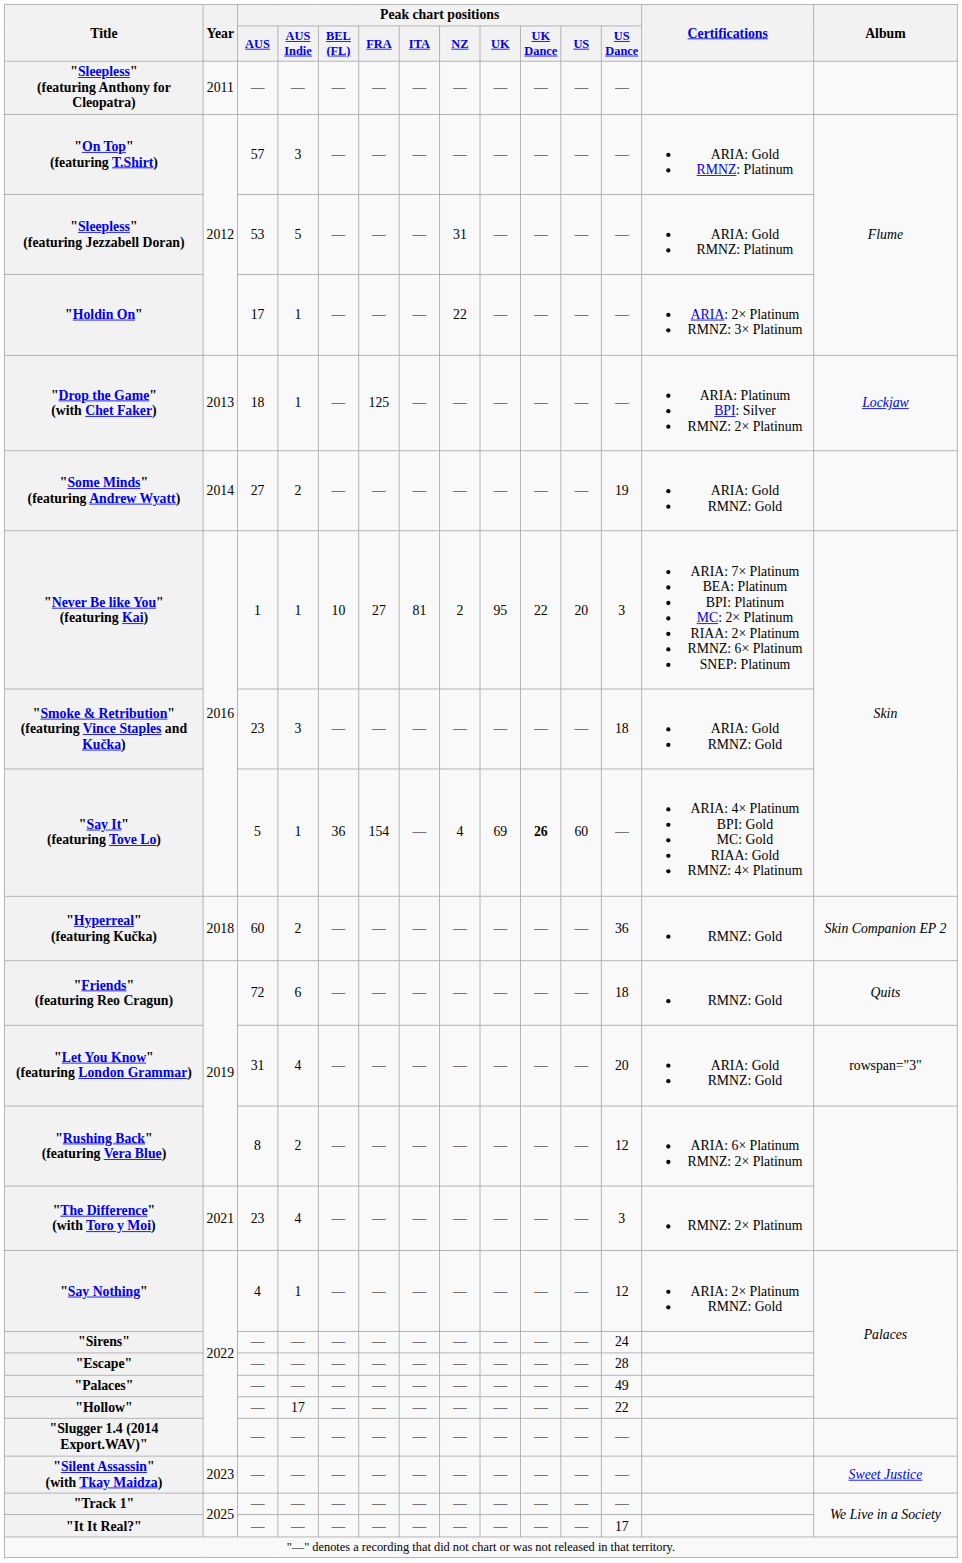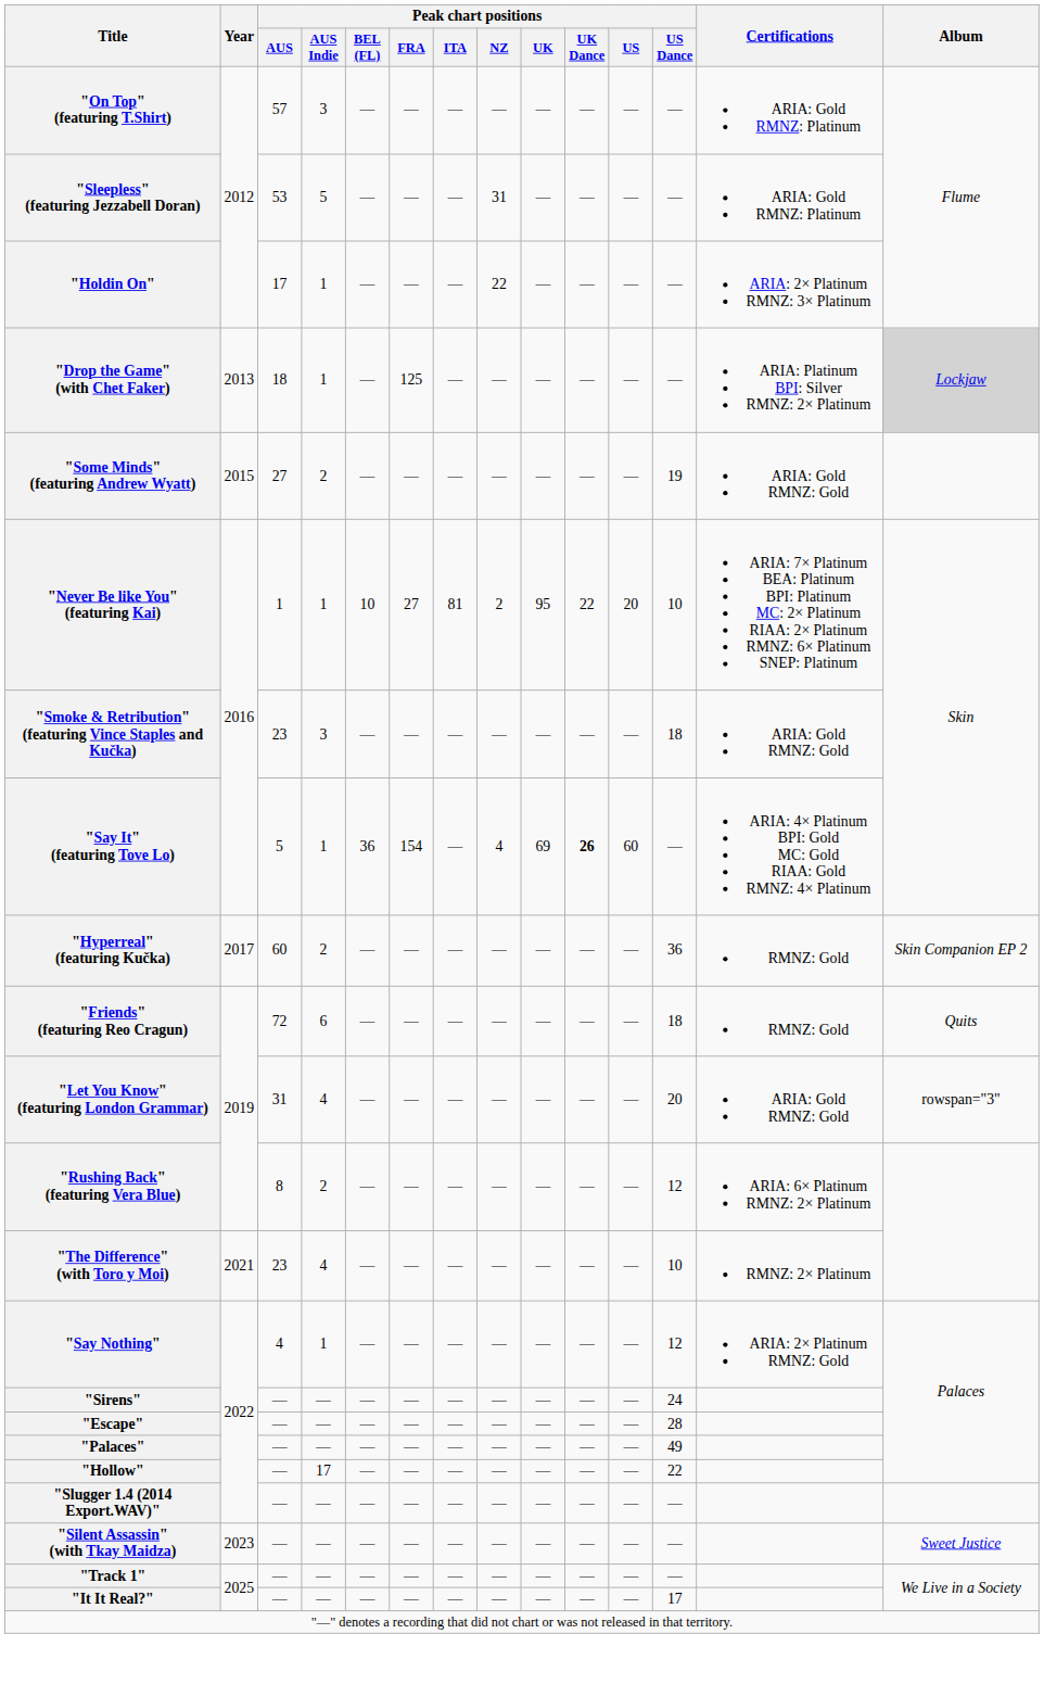 <table class="wikitable plainrowheaders" style="text-align:center;">
 <tr>
 <th scope="col" rowspan="2" style="width:14em;">Title</th>
 <th scope="col" rowspan="2">Year</th>
 <th scope="col" colspan="10">Peak chart positions</th>
 <th scope="col" rowspan="2" style="width:12em;"><a href='#'>Certifications</a></th>
 <th scope="col" rowspan="2" style="width:10em;">Album</th>
 </tr>
 <tr>
 <th scope="col" style="width:2.8em;font-size:90%;"><a href='#'>AUS</a><br></th>
 <th scope="col" style="width:2.8em;font-size:90%;"><a href='#'>AUS<br>Indie</a><br></th>
 <th scope="col" style="width:2.8em;font-size:90%;"><a href='#'>BEL<br>(FL)</a><br></th>
 <th scope="col" style="width:2.8em;font-size:90%;"><a href='#'>FRA</a><br></th>
 <th scope="col" style="width:2.8em;font-size:90%;"><a href='#'>ITA</a><br></th>
 <th scope="col" style="width:2.8em;font-size:90%;"><a href='#'>NZ</a><br></th>
 <th scope="col" style="width:2.8em;font-size:90%;"><a href='#'>UK</a><br></th>
 <th scope="col" style="width:2.8em;font-size:90%;"><a href='#'>UK<br>Dance</a><br></th>
 <th scope="col" style="width:2.8em;font-size:90%;"><a href='#'>US</a><br></th>
 <th scope="col" style="width:2.8em;font-size:90%;"><a href='#'>US<br>Dance</a><br></th>
-</tr>
-<tr>
-<th scope="row">"<a href='#'>Sleepless</a>"<br><span>(featuring Anthony for Cleopatra)</span></th>
-<td>2011</td>
-<td>—</td>
-<td>—</td>
-<td>—</td>
-<td>—</td>
-<td>—</td>
-<td>—</td>
-<td>—</td>
-<td>—</td>
-<td>—</td>
-<td>—</td>
-<td></td>
-<td></td>
 </tr>
 <tr>
 <th scope="row">"<a href='#'>On Top</a>"<br><span>(featuring <a href='#'>T.Shirt</a>)</span></th>
 <td rowspan="3">2012</td>
 <td>57</td>
 <td>3</td>
 <td>—</td>
 <td>—</td>
 <td>—</td>
 <td>—</td>
 <td>—</td>
 <td>—</td>
 <td>—</td>
 <td>—</td>
 <td><br><ul><li>ARIA: Gold</li><li><a href='#'>RMNZ</a>: Platinum</li></ul></td>
 <td rowspan="3"><em>Flume</em></td>
 </tr>
 <tr>
 <th scope="row">"<a href='#'>Sleepless</a>"<br><span>(featuring Jezzabell Doran)</span></th>
 <td>53</td>
 <td>5</td>
 <td>—</td>
 <td>—</td>
 <td>—</td>
 <td>31</td>
 <td>—</td>
 <td>—</td>
 <td>—</td>
 <td>—</td>
 <td><br><ul><li>ARIA: Gold</li><li>RMNZ: Platinum</li></ul></td>
 </tr>
 <tr>
 <th scope="row">"<a href='#'>Holdin On</a>"</th>
 <td>17</td>
 <td>1</td>
 <td>—</td>
 <td>—</td>
 <td>—</td>
 <td>22</td>
 <td>—</td>
 <td>—</td>
 <td>—</td>
 <td>—</td>
 <td><br><ul><li><a href='#'>ARIA</a>: 2× Platinum</li><li>RMNZ: 3× Platinum</li></ul></td>
 </tr>
 <tr>
 <th scope="row">"<a href='#'>Drop the Game</a>"<br><span>(with <a href='#'>Chet Faker</a>)</span></th>
 <td>2013</td>
 <td>18</td>
 <td>1</td>
 <td>—</td>
 <td>125</td>
 <td>—</td>
 <td>—</td>
 <td>—</td>
 <td>—</td>
 <td>—</td>
 <td>—</td>
 <td><br><ul><li>ARIA: Platinum</li><li><a href='#'>BPI</a>: Silver</li><li>RMNZ: 2× Platinum</li></ul></td>
-<td><em><a href='#'>Lockjaw</a></em></td>
+<td style="background: lightgrey;"><em><a href='#'>Lockjaw</a></em></td>
 </tr>
 <tr>
 <th scope="row">"<a href='#'>Some Minds</a>"<br><span>(featuring <a href='#'>Andrew Wyatt</a>)</span></th>
-<td>2014</td>
+<td>2015</td>
 <td>27</td>
 <td>2</td>
 <td>—</td>
 <td>—</td>
 <td>—</td>
 <td>—</td>
 <td>—</td>
 <td>—</td>
 <td>—</td>
 <td>19</td>
 <td><br><ul><li>ARIA: Gold</li><li>RMNZ: Gold</li></ul></td>
 <td></td>
 </tr>
 <tr>
 <th scope="row">"<a href='#'>Never Be like You</a>"<br><span>(featuring <a href='#'>Kai</a>)</span></th>
 <td rowspan="3">2016</td>
 <td>1</td>
 <td>1</td>
 <td>10</td>
 <td>27</td>
 <td>81</td>
 <td>2</td>
 <td>95</td>
 <td>22</td>
 <td>20</td>
-<td>3</td>
+<td>10</td>
 <td><br><ul><li>ARIA: 7× Platinum</li><li>BEA: Platinum</li><li>BPI: Platinum</li><li><a href='#'>MC</a>: 2× Platinum</li><li>RIAA: 2× Platinum</li><li>RMNZ: 6× Platinum</li><li>SNEP: Platinum</li></ul></td>
 <td rowspan="3"><em>Skin</em></td>
 </tr>
 <tr>
 <th scope="row">"<a href='#'>Smoke & Retribution</a>"<br><span>(featuring <a href='#'>Vince Staples</a> and <a href='#'>Kučka</a>)</span></th>
 <td>23</td>
 <td>3</td>
 <td>—</td>
 <td>—</td>
 <td>—</td>
 <td>—</td>
 <td>—</td>
 <td>—</td>
 <td>—</td>
 <td>18</td>
 <td><br><ul><li>ARIA: Gold</li><li>RMNZ: Gold</li></ul></td>
 </tr>
 <tr>
 <th scope="row">"<a href='#'>Say It</a>"<br><span>(featuring <a href='#'>Tove Lo</a>)</span></th>
 <td>5</td>
 <td>1</td>
 <td>36</td>
 <td>154</td>
 <td>—</td>
 <td>4</td>
 <td>69</td>
 <td><strong>26</strong></td>
 <td>60</td>
 <td>—</td>
 <td><br><ul><li>ARIA: 4× Platinum</li><li>BPI: Gold</li><li>MC: Gold</li><li>RIAA: Gold</li><li>RMNZ: 4× Platinum</li></ul></td>
 </tr>
 <tr>
 <th scope="row">"<a href='#'>Hyperreal</a>"<br><span>(featuring Kučka)</span></th>
-<td>2018</td>
+<td>2017</td>
 <td>60</td>
 <td>2</td>
 <td>—</td>
 <td>—</td>
 <td>—</td>
 <td>—</td>
 <td>—</td>
 <td>—</td>
 <td>—</td>
 <td>36</td>
 <td><br><ul><li>RMNZ: Gold</li></ul></td>
 <td><em>Skin Companion EP 2</em></td>
 </tr>
 <tr>
 <th scope="row">"<a href='#'>Friends</a>"<br><span>(featuring Reo Cragun)</span></th>
 <td rowspan="3">2019</td>
 <td>72</td>
 <td>6</td>
 <td>—</td>
 <td>—</td>
 <td>—</td>
 <td>—</td>
 <td>—</td>
 <td>—</td>
 <td>—</td>
 <td>18</td>
 <td><br><ul><li>RMNZ: Gold</li></ul></td>
 <td><em>Quits</em></td>
 </tr>
 <tr>
 <th scope="row">"<a href='#'>Let You Know</a>"<br><span>(featuring <a href='#'>London Grammar</a>)</span></th>
 <td>31</td>
 <td>4</td>
 <td>—</td>
 <td>—</td>
 <td>—</td>
 <td>—</td>
 <td>—</td>
 <td>—</td>
 <td>—</td>
 <td>20</td>
 <td><br><ul><li>ARIA: Gold</li><li>RMNZ: Gold</li></ul></td>
 <td>rowspan="3" </td>
 </tr>
 <tr>
 <th scope="row">"<a href='#'>Rushing Back</a>"<br><span>(featuring <a href='#'>Vera Blue</a>)</span></th>
 <td>8</td>
 <td>2</td>
 <td>—</td>
 <td>—</td>
 <td>—</td>
 <td>—</td>
 <td>—</td>
 <td>—</td>
 <td>—</td>
 <td>12</td>
 <td><br><ul><li>ARIA: 6× Platinum</li><li>RMNZ: 2× Platinum</li></ul></td>
 </tr>
 <tr>
 <th scope="row">"<a href='#'>The Difference</a>"<br><span>(with <a href='#'>Toro y Moi</a>)</span></th>
 <td>2021</td>
 <td>23</td>
 <td>4</td>
 <td>—</td>
 <td>—</td>
 <td>—</td>
 <td>—</td>
 <td>—</td>
 <td>—</td>
 <td>—</td>
-<td>3</td>
+<td>10</td>
 <td><br><ul><li>RMNZ: 2× Platinum</li></ul></td>
 </tr>
 <tr>
 <th scope="row">"<a href='#'>Say Nothing</a>"<br></th>
 <td rowspan="6">2022</td>
 <td>4</td>
 <td>1</td>
 <td>—</td>
 <td>—</td>
 <td>—</td>
 <td>—</td>
 <td>—</td>
 <td>—</td>
 <td>—</td>
 <td>12</td>
 <td><br><ul><li>ARIA: 2× Platinum</li><li>RMNZ: Gold</li></ul></td>
 <td rowspan="5"><em>Palaces</em></td>
 </tr>
 <tr>
 <th scope="row">"Sirens"<br></th>
 <td>—</td>
 <td>—</td>
 <td>—</td>
 <td>—</td>
 <td>—</td>
 <td>—</td>
 <td>—</td>
 <td>—</td>
 <td>—</td>
 <td>24</td>
 <td></td>
 </tr>
 <tr>
 <th scope="row">"Escape"<br></th>
 <td>—</td>
 <td>—</td>
 <td>—</td>
 <td>—</td>
 <td>—</td>
 <td>—</td>
 <td>—</td>
 <td>—</td>
 <td>—</td>
 <td>28</td>
 <td></td>
 </tr>
 <tr>
 <th scope="row">"Palaces"<br></th>
 <td>—</td>
 <td>—</td>
 <td>—</td>
 <td>—</td>
 <td>—</td>
 <td>—</td>
 <td>—</td>
 <td>—</td>
 <td>—</td>
 <td>49</td>
 <td></td>
 </tr>
 <tr>
 <th scope="row">"Hollow"<br></th>
 <td>—</td>
 <td>17</td>
 <td>—</td>
 <td>—</td>
 <td>—</td>
 <td>—</td>
 <td>—</td>
 <td>—</td>
 <td>—</td>
 <td>22</td>
 <td></td>
 </tr>
 <tr>
 <th scope="row">"Slugger 1.4 (2014 Export.WAV)"</th>
 <td>—</td>
 <td>—</td>
 <td>—</td>
 <td>—</td>
 <td>—</td>
 <td>—</td>
 <td>—</td>
 <td>—</td>
 <td>—</td>
 <td>—</td>
 <td></td>
 <td></td>
 </tr>
 <tr>
 <th scope="row">"<a href='#'>Silent Assassin</a>"<br><span>(with <a href='#'>Tkay Maidza</a>)</span></th>
 <td>2023</td>
 <td>—</td>
 <td>—</td>
 <td>—</td>
 <td>—</td>
 <td>—</td>
 <td>—</td>
 <td>—</td>
 <td>—</td>
 <td>—</td>
 <td>—</td>
 <td></td>
 <td><em><a href='#'>Sweet Justice</a></em></td>
 </tr>
 <tr>
 <th scope="row">"Track 1"<br></th>
 <td rowspan="2">2025</td>
 <td>—</td>
 <td>—</td>
 <td>—</td>
 <td>—</td>
 <td>—</td>
 <td>—</td>
 <td>—</td>
 <td>—</td>
 <td>—</td>
 <td>—</td>
 <td></td>
 <td rowspan="2"><em>We Live in a Society</em></td>
 </tr>
 <tr>
 <th scope="row">"It It Real?"<br></th>
 <td>—</td>
 <td>—</td>
 <td>—</td>
 <td>—</td>
 <td>—</td>
 <td>—</td>
 <td>—</td>
 <td>—</td>
 <td>—</td>
 <td>17</td>
 <td></td>
 </tr>
 <tr>
 <td colspan="14" style="font-size:90%">"—" denotes a recording that did not chart or was not released in that territory.</td>
 </tr>
 </table>
